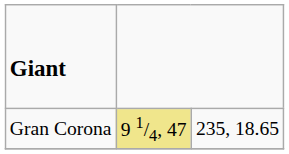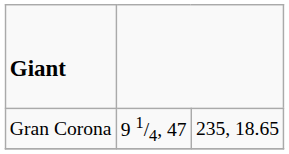 <table class="wikitable" style="font-size: 85%; margin:1em auto;">
 <tr>
 <td><br><h3>Giant</h3></td>
 </tr>
 <tr>
 <td>Gran Corona</td>
-<td style="background: khaki;">9 <sup>1</sup>/<sub>4</sub>, 47</td>
+<td>9 <sup>1</sup>/<sub>4</sub>, 47</td>
 <td>235, 18.65</td>
 </tr>
 <tr>
 </tr>
 </table>
